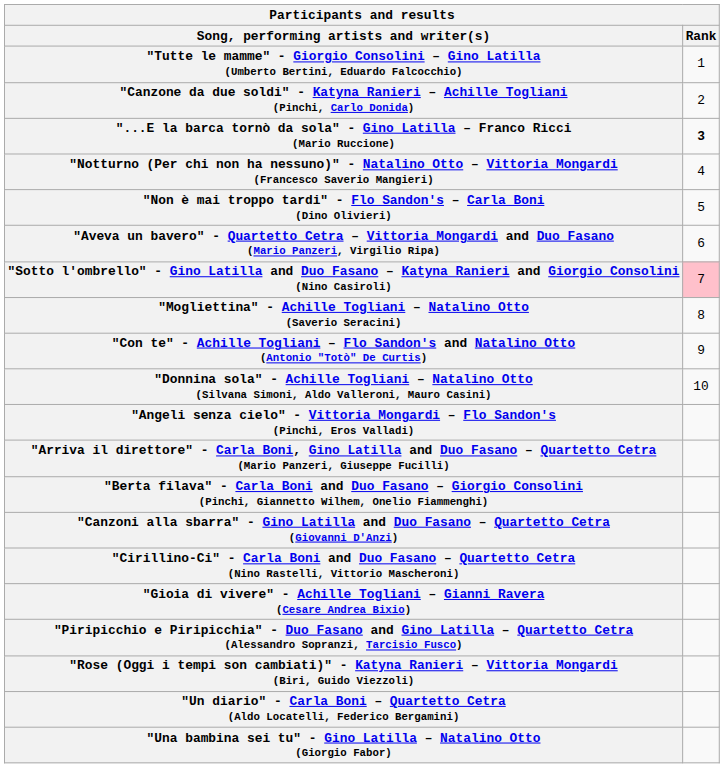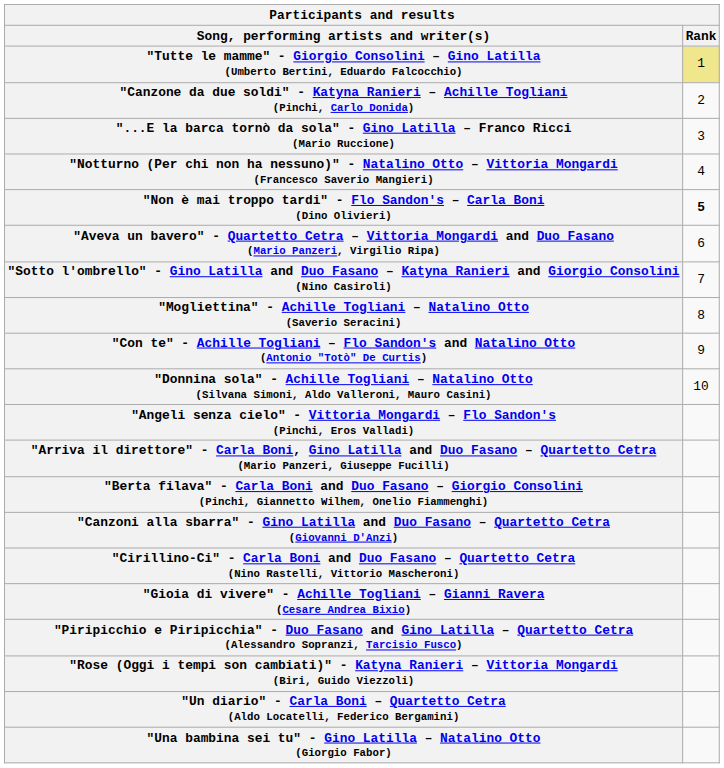 <table class="plainrowheaders wikitable">
 <tr>
 <th colspan="2">Participants and results</th>
 </tr>
 <tr>
 <th>Song, performing artists and writer(s)</th>
 <th>Rank</th>
 </tr>
 <tr>
 <th scope="row">"Tutte le mamme" - <a href='#'>Giorgio Consolini</a> – <a href='#'>Gino Latilla</a>    <br><small>  (Umberto Bertini, Eduardo Falcocchio)</small></th>
-<td style="text-align:center;">1</td>
+<td style="background: khaki; text-align:center;">1</td>
 </tr>
 <tr>
 <th scope="row">"Canzone da due soldi" - <a href='#'>Katyna Ranieri</a> – <a href='#'>Achille Togliani</a>    <br><small> (Pinchi, <a href='#'>Carlo Donida</a>)</small></th>
 <td style="text-align:center;">2</td>
 </tr>
 <tr>
 <th scope="row">"...E la barca tornò da sola" - <a href='#'>Gino Latilla</a> – Franco Ricci    <br><small> (Mario Ruccione)</small></th>
-<td style="text-align:center;"><strong>3</strong></td>
+<td style="text-align:center;">3</td>
 </tr>
 <tr>
 <th scope="row">"Notturno (Per chi non ha nessuno)" - <a href='#'>Natalino Otto</a> – <a href='#'>Vittoria Mongardi</a>    <br><small> (Francesco Saverio Mangieri)</small></th>
 <td style="text-align:center;">4</td>
 </tr>
 <tr>
 <th scope="row">"Non è mai troppo tardi" - <a href='#'>Flo Sandon's</a> – <a href='#'>Carla Boni</a>    <br><small> (Dino Olivieri)</small></th>
-<td style="text-align:center;">5</td>
+<td style="text-align:center;"><strong>5</strong></td>
 </tr>
 <tr>
 <th scope="row">"Aveva un bavero" - <a href='#'>Quartetto Cetra</a> – <a href='#'>Vittoria Mongardi</a> and <a href='#'>Duo Fasano</a>    <br><small> (<a href='#'>Mario Panzeri</a>, Virgilio Ripa)</small></th>
 <td style="text-align:center;">6</td>
 </tr>
 <tr>
 <th scope="row">"Sotto l'ombrello" - <a href='#'>Gino Latilla</a> and <a href='#'>Duo Fasano</a> – <a href='#'>Katyna Ranieri</a> and <a href='#'>Giorgio Consolini</a>    <br><small> (Nino Casiroli)</small></th>
-<td style="background: pink; text-align:center;">7</td>
+<td style="text-align:center;">7</td>
 </tr>
 <tr>
 <th scope="row">"Mogliettina" - <a href='#'>Achille Togliani</a> – <a href='#'>Natalino Otto</a>    <br><small> (Saverio Seracini)</small></th>
 <td style="text-align:center;">8</td>
 </tr>
 <tr>
 <th scope="row">"Con te" - <a href='#'>Achille Togliani</a> – <a href='#'>Flo Sandon's</a> and <a href='#'>Natalino Otto</a>    <br><small> (<a href='#'>Antonio "Totò" De Curtis</a>)</small></th>
 <td style="text-align:center;">9</td>
 </tr>
 <tr>
 <th scope="row">"Donnina sola" - <a href='#'>Achille Togliani</a> – <a href='#'>Natalino Otto</a>    <br><small> (Silvana Simoni, Aldo Valleroni, Mauro Casini)</small></th>
 <td style="text-align:center;">10</td>
 </tr>
 <tr>
 <th scope="row">"Angeli senza cielo" - <a href='#'>Vittoria Mongardi</a> – <a href='#'>Flo Sandon's</a>    <br><small> (Pinchi, Eros Valladi)</small></th>
 <td></td>
 </tr>
 <tr>
 <th scope="row">"Arriva il direttore" - <a href='#'>Carla Boni</a>, <a href='#'>Gino Latilla</a> and <a href='#'>Duo Fasano</a> – <a href='#'>Quartetto Cetra</a>    <br><small> (Mario Panzeri, Giuseppe Fucilli)</small></th>
 <td></td>
 </tr>
 <tr>
 <th scope="row">"Berta filava" - <a href='#'>Carla Boni</a> and <a href='#'>Duo Fasano</a> – <a href='#'>Giorgio Consolini</a>    <br><small> (Pinchi, Giannetto Wilhem, Onelio Fiammenghi)</small></th>
 <td></td>
 </tr>
 <tr>
 <th scope="row">"Canzoni alla sbarra" - <a href='#'>Gino Latilla</a> and <a href='#'>Duo Fasano</a> – <a href='#'>Quartetto Cetra</a>    <br><small> (<a href='#'>Giovanni D'Anzi</a>)</small></th>
 <td></td>
 </tr>
 <tr>
 <th scope="row">"Cirillino-Ci" - <a href='#'>Carla Boni</a> and <a href='#'>Duo Fasano</a> – <a href='#'>Quartetto Cetra</a>    <br><small> (Nino Rastelli, Vittorio Mascheroni)</small></th>
 <td></td>
 </tr>
 <tr>
 <th scope="row">"Gioia di vivere" - <a href='#'>Achille Togliani</a> – <a href='#'>Gianni Ravera</a>    <br><small> (<a href='#'>Cesare Andrea Bixio</a>)</small></th>
 <td></td>
 </tr>
 <tr>
 <th scope="row">"Piripicchio e Piripicchia" - <a href='#'>Duo Fasano</a> and <a href='#'>Gino Latilla</a> – <a href='#'>Quartetto Cetra</a>    <br><small> (Alessandro Sopranzi, <a href='#'>Tarcisio Fusco</a>)</small></th>
 <td></td>
 </tr>
 <tr>
 <th scope="row">"Rose (Oggi i tempi son cambiati)" - <a href='#'>Katyna Ranieri</a> – <a href='#'>Vittoria Mongardi</a>    <br><small> (Biri, Guido Viezzoli)</small></th>
 <td></td>
 </tr>
 <tr>
 <th scope="row">"Un diario" - <a href='#'>Carla Boni</a> – <a href='#'>Quartetto Cetra</a>    <br><small> (Aldo Locatelli, Federico Bergamini)</small></th>
 <td></td>
 </tr>
 <tr>
 <th scope="row">"Una bambina sei tu" - <a href='#'>Gino Latilla</a> – <a href='#'>Natalino Otto</a>    <br><small> (Giorgio Fabor)</small></th>
 <td></td>
 </tr>
 </table>
